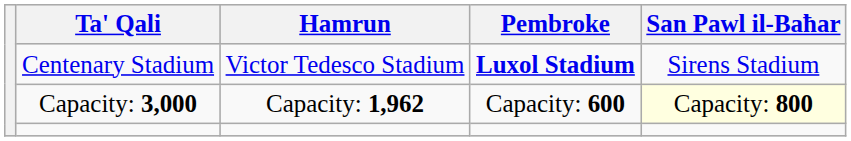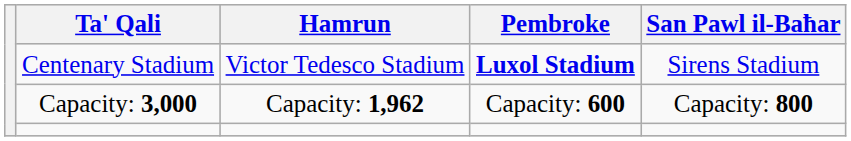 <table class="wikitable" style="text-align:center">
 <tr>
 <th rowspan="4"></th>
 <th><a href='#'>Ta' Qali</a></th>
 <th><a href='#'>Hamrun</a></th>
 <th><a href='#'>Pembroke</a></th>
 <th><a href='#'>San Pawl il-Baħar</a></th>
 </tr>
 <tr>
 <td><a href='#'>Centenary Stadium</a></td>
 <td><a href='#'>Victor Tedesco Stadium</a></td>
 <td><strong><a href='#'>Luxol Stadium</a></strong></td>
 <td><a href='#'>Sirens Stadium</a></td>
 </tr>
 <tr>
 <td>Capacity: <strong>3,000</strong></td>
 <td>Capacity: <strong>1,962</strong></td>
 <td>Capacity: <strong>600</strong></td>
-<td style="background: lightyellow;">Capacity: <strong>800</strong></td>
+<td>Capacity: <strong>800</strong></td>
 </tr>
 <tr>
 <td></td>
 <td></td>
 <td></td>
 <td></td>
 </tr>
 </table>
